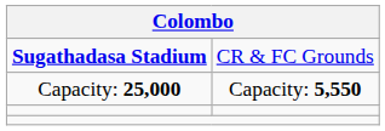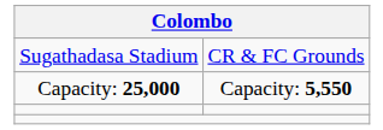 <table class="wikitable" style="text-align:center; margin:1em auto;">
 <tr>
 <th colspan=2><a href='#'>Colombo</a></th>
 </tr>
 <tr>
-<td><strong><a href='#'>Sugathadasa Stadium</a></strong></td>
+<td><a href='#'>Sugathadasa Stadium</a></td>
 <td><a href='#'>CR & FC Grounds</a></td>
 </tr>
 <tr>
 <td>Capacity: <strong>25,000</strong></td>
 <td>Capacity: <strong>5,550</strong></td>
 </tr>
 <tr>
 <td></td>
 <td></td>
 </tr>
 <tr>
 <td rowspan=2 colspan=2></td>
 </tr>
 </table>
